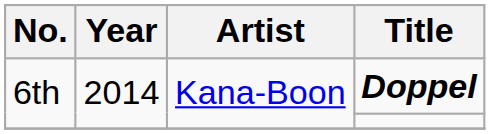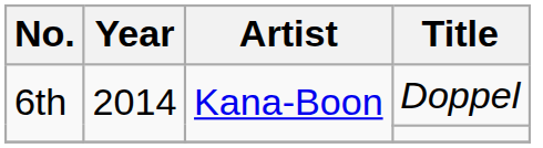 <table class=wikitable>
 <tr>
 <th>No.</th>
 <th>Year</th>
 <th>Artist</th>
 <th>Title</th>
 </tr>
 <tr>
 <td rowspan="2">6th</td>
 <td rowspan="2">2014</td>
 <td rowspan="2"><a href='#'>Kana-Boon</a></td>
-<td><strong><em>Doppel</em></strong></td>
+<td><em>Doppel</em></td>
 </tr>
 <tr>
 <td></td>
 </tr>
 <tr>
 </tr>
 </table>
